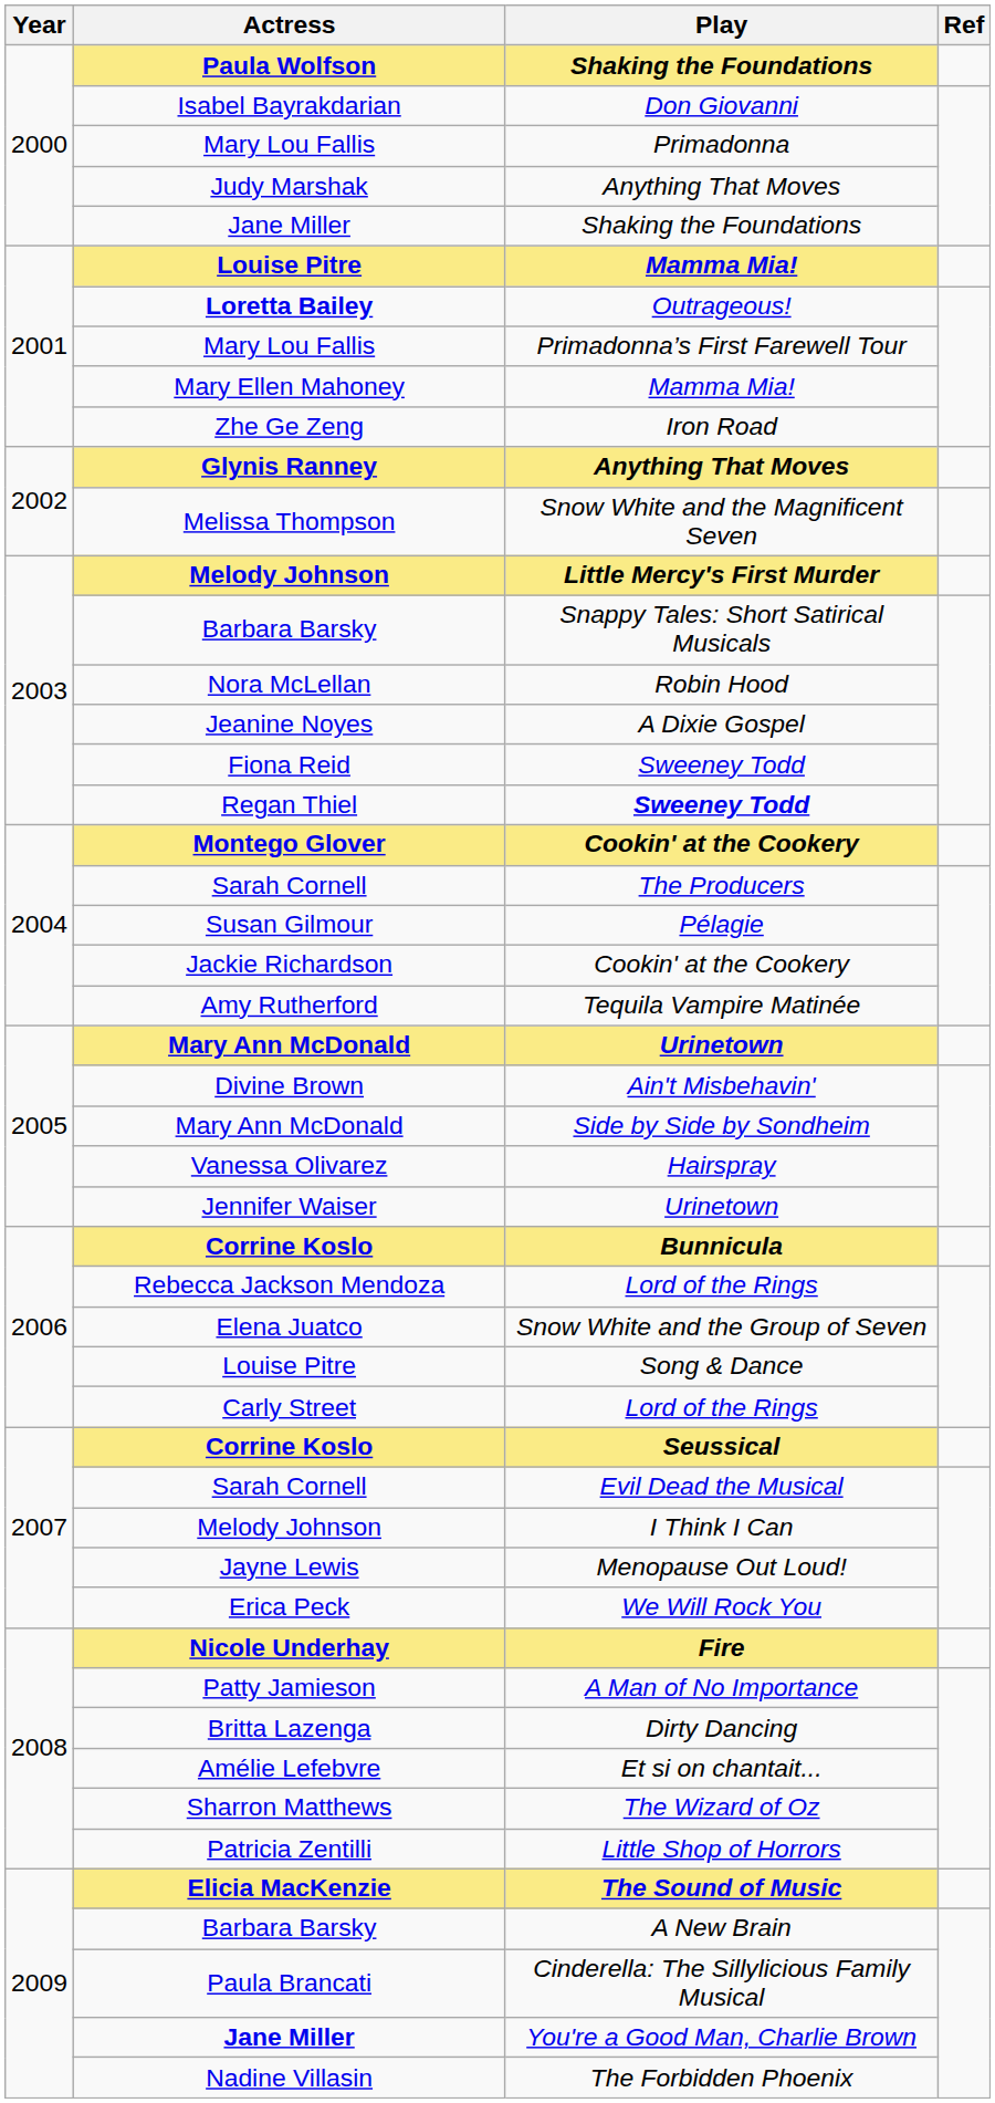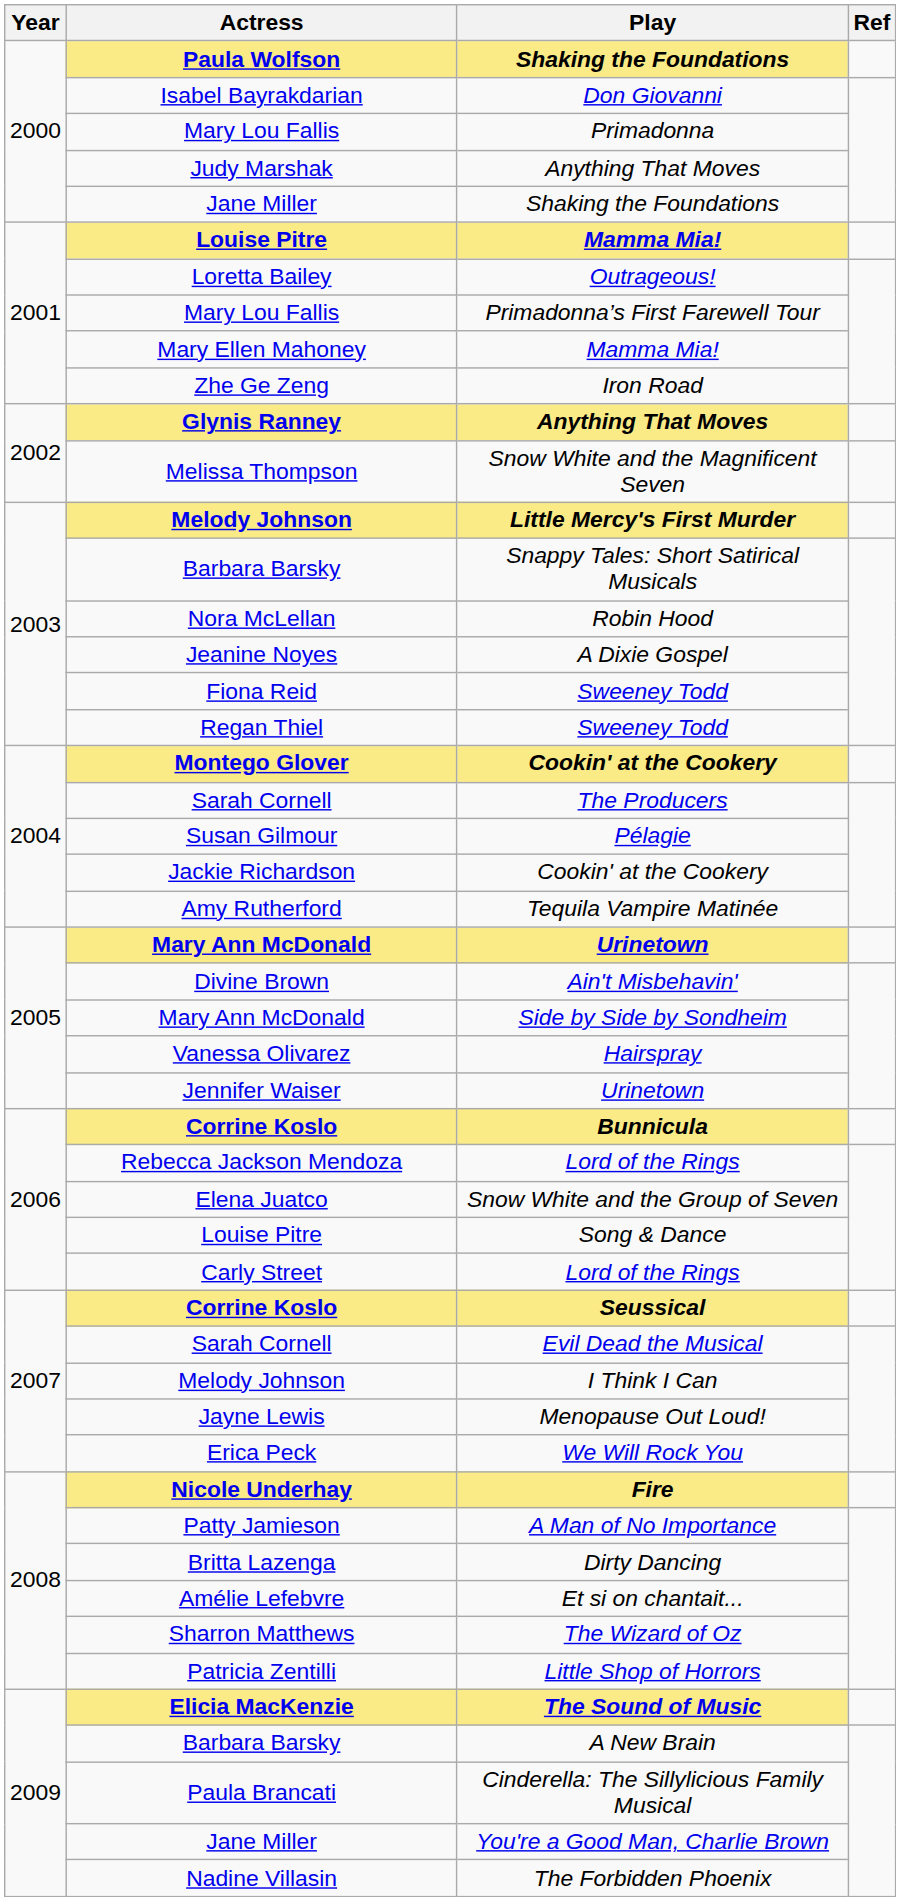 <table class="wikitable" width="100%" style="text-align:center;">
 <tr>
 <th>Year</th>
 <th width="45%">Actress</th>
 <th width="45%">Play</th>
 <th>Ref</th>
 </tr>
 <tr>
 <td rowspan=5>2000</td>
 <td style="background:#FAEB86"><strong><a href='#'>Paula Wolfson</a></strong></td>
 <td style="background:#FAEB86"><strong><em>Shaking the Foundations</em></strong></td>
 <td></td>
 </tr>
 <tr>
 <td><a href='#'>Isabel Bayrakdarian</a></td>
 <td><em><a href='#'>Don Giovanni</a></em></td>
 <td rowspan=4></td>
 </tr>
 <tr>
 <td><a href='#'>Mary Lou Fallis</a></td>
 <td><em>Primadonna</em></td>
 </tr>
 <tr>
 <td><a href='#'>Judy Marshak</a></td>
 <td><em>Anything That Moves</em></td>
 </tr>
 <tr>
 <td><a href='#'>Jane Miller</a></td>
 <td><em>Shaking the Foundations</em></td>
 </tr>
 <tr>
 <td rowspan=5>2001</td>
 <td style="background:#FAEB86"><strong><a href='#'>Louise Pitre</a></strong></td>
 <td style="background:#FAEB86"><strong><em><a href='#'>Mamma Mia!</a></em></strong></td>
 <td></td>
 </tr>
 <tr>
-<td><strong><a href='#'>Loretta Bailey</a></strong></td>
+<td><a href='#'>Loretta Bailey</a></td>
 <td><em><a href='#'>Outrageous!</a></em></td>
 <td rowspan=4></td>
 </tr>
 <tr>
 <td><a href='#'>Mary Lou Fallis</a></td>
 <td><em>Primadonna’s First Farewell Tour</em></td>
 </tr>
 <tr>
 <td><a href='#'>Mary Ellen Mahoney</a></td>
 <td><em><a href='#'>Mamma Mia!</a></em></td>
 </tr>
 <tr>
 <td><a href='#'>Zhe Ge Zeng</a></td>
 <td><em>Iron Road</em></td>
 </tr>
 <tr>
 <td rowspan=2>2002</td>
 <td style="background:#FAEB86"><strong><a href='#'>Glynis Ranney</a></strong></td>
 <td style="background:#FAEB86"><strong><em>Anything That Moves</em></strong></td>
 <td></td>
 </tr>
 <tr>
 <td><a href='#'>Melissa Thompson</a></td>
 <td><em>Snow White and the Magnificent Seven</em></td>
 <td></td>
 </tr>
 <tr>
 <td rowspan=6>2003</td>
 <td style="background:#FAEB86"><strong><a href='#'>Melody Johnson</a></strong></td>
 <td style="background:#FAEB86"><strong><em>Little Mercy's First Murder</em></strong></td>
 <td></td>
 </tr>
 <tr>
 <td><a href='#'>Barbara Barsky</a></td>
 <td><em>Snappy Tales: Short Satirical Musicals</em></td>
 <td rowspan=5></td>
 </tr>
 <tr>
 <td><a href='#'>Nora McLellan</a></td>
 <td><em>Robin Hood</em></td>
 </tr>
 <tr>
 <td><a href='#'>Jeanine Noyes</a></td>
 <td><em>A Dixie Gospel</em></td>
 </tr>
 <tr>
 <td><a href='#'>Fiona Reid</a></td>
 <td><em><a href='#'>Sweeney Todd</a></em></td>
 </tr>
 <tr>
 <td><a href='#'>Regan Thiel</a></td>
-<td><strong><em><a href='#'>Sweeney Todd</a></em></strong></td>
+<td><em><a href='#'>Sweeney Todd</a></em></td>
 </tr>
 <tr>
 <td rowspan=5>2004</td>
 <td style="background:#FAEB86"><strong><a href='#'>Montego Glover</a></strong></td>
 <td style="background:#FAEB86"><strong><em>Cookin' at the Cookery</em></strong></td>
 <td></td>
 </tr>
 <tr>
 <td><a href='#'>Sarah Cornell</a></td>
 <td><em><a href='#'>The Producers</a></em></td>
 <td rowspan=4></td>
 </tr>
 <tr>
 <td><a href='#'>Susan Gilmour</a></td>
 <td><em><a href='#'>Pélagie</a></em></td>
 </tr>
 <tr>
 <td><a href='#'>Jackie Richardson</a></td>
 <td><em>Cookin' at the Cookery</em></td>
 </tr>
 <tr>
 <td><a href='#'>Amy Rutherford</a></td>
 <td><em>Tequila Vampire Matinée</em></td>
 </tr>
 <tr>
 <td rowspan=5>2005</td>
 <td style="background:#FAEB86"><strong><a href='#'>Mary Ann McDonald</a></strong></td>
 <td style="background:#FAEB86"><strong><em><a href='#'>Urinetown</a></em></strong></td>
 <td></td>
 </tr>
 <tr>
 <td><a href='#'>Divine Brown</a></td>
 <td><em><a href='#'>Ain't Misbehavin'</a></em></td>
 <td rowspan=4></td>
 </tr>
 <tr>
 <td><a href='#'>Mary Ann McDonald</a></td>
 <td><em><a href='#'>Side by Side by Sondheim</a></em></td>
 </tr>
 <tr>
 <td><a href='#'>Vanessa Olivarez</a></td>
 <td><em><a href='#'>Hairspray</a></em></td>
 </tr>
 <tr>
 <td><a href='#'>Jennifer Waiser</a></td>
 <td><em><a href='#'>Urinetown</a></em></td>
 </tr>
 <tr>
 <td rowspan=5>2006</td>
 <td style="background:#FAEB86"><strong><a href='#'>Corrine Koslo</a></strong></td>
 <td style="background:#FAEB86"><strong><em>Bunnicula</em></strong></td>
 <td></td>
 </tr>
 <tr>
 <td><a href='#'>Rebecca Jackson Mendoza</a></td>
 <td><em><a href='#'>Lord of the Rings</a></em></td>
 <td rowspan=4></td>
 </tr>
 <tr>
 <td><a href='#'>Elena Juatco</a></td>
 <td><em>Snow White and the Group of Seven</em></td>
 </tr>
 <tr>
 <td><a href='#'>Louise Pitre</a></td>
 <td><em>Song & Dance</em></td>
 </tr>
 <tr>
 <td><a href='#'>Carly Street</a></td>
 <td><em><a href='#'>Lord of the Rings</a></em></td>
 </tr>
 <tr>
 <td rowspan=5>2007</td>
 <td style="background:#FAEB86"><strong><a href='#'>Corrine Koslo</a></strong></td>
 <td style="background:#FAEB86"><strong><em>Seussical</em></strong></td>
 <td></td>
 </tr>
 <tr>
 <td><a href='#'>Sarah Cornell</a></td>
 <td><em><a href='#'>Evil Dead the Musical</a></em></td>
 <td rowspan=4></td>
 </tr>
 <tr>
 <td><a href='#'>Melody Johnson</a></td>
 <td><em>I Think I Can</em></td>
 </tr>
 <tr>
 <td><a href='#'>Jayne Lewis</a></td>
 <td><em>Menopause Out Loud!</em></td>
 </tr>
 <tr>
 <td><a href='#'>Erica Peck</a></td>
 <td><em><a href='#'>We Will Rock You</a></em></td>
 </tr>
 <tr>
 <td rowspan=6>2008</td>
 <td style="background:#FAEB86"><strong><a href='#'>Nicole Underhay</a></strong></td>
 <td style="background:#FAEB86"><strong><em>Fire</em></strong></td>
 <td></td>
 </tr>
 <tr>
 <td><a href='#'>Patty Jamieson</a></td>
 <td><em><a href='#'>A Man of No Importance</a></em></td>
 <td rowspan=5></td>
 </tr>
 <tr>
 <td><a href='#'>Britta Lazenga</a></td>
 <td><em>Dirty Dancing</em></td>
 </tr>
 <tr>
 <td><a href='#'>Amélie Lefebvre</a></td>
 <td><em>Et si on chantait...</em></td>
 </tr>
 <tr>
 <td><a href='#'>Sharron Matthews</a></td>
 <td><em><a href='#'>The Wizard of Oz</a></em></td>
 </tr>
 <tr>
 <td><a href='#'>Patricia Zentilli</a></td>
 <td><em><a href='#'>Little Shop of Horrors</a></em></td>
 </tr>
 <tr>
 <td rowspan=5>2009</td>
 <td style="background:#FAEB86"><strong><a href='#'>Elicia MacKenzie</a></strong></td>
 <td style="background:#FAEB86"><strong><em><a href='#'>The Sound of Music</a></em></strong></td>
 <td></td>
 </tr>
 <tr>
 <td><a href='#'>Barbara Barsky</a></td>
 <td><em>A New Brain</em></td>
 <td rowspan=4></td>
 </tr>
 <tr>
 <td><a href='#'>Paula Brancati</a></td>
 <td><em>Cinderella: The Sillylicious Family Musical</em></td>
 </tr>
 <tr>
-<td><strong><a href='#'>Jane Miller</a></strong></td>
+<td><a href='#'>Jane Miller</a></td>
 <td><em><a href='#'>You're a Good Man, Charlie Brown</a></em></td>
 </tr>
 <tr>
 <td><a href='#'>Nadine Villasin</a></td>
 <td><em>The Forbidden Phoenix</em></td>
 </tr>
 </table>
